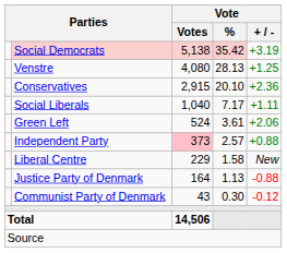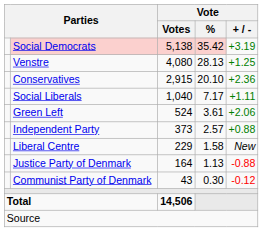 <table class="wikitable" style="text-align:right;">
 <tr>
 <th style="text-align:centre;" rowspan="2" colspan="2" width="225">Parties</th>
 <th colspan="3">Vote</th>
 </tr>
 <tr>
 <th width="15">Votes</th>
 <th width="15">%</th>
 <th width="15">+ / -</th>
 </tr>
 <tr>
 <td width="2" style="color:inherit;background:"></td>
 <td bgcolor=#fbd0ce  align="left"><a href='#'>Social Democrats</a></td>
 <td bgcolor=#fbd0ce>5,138</td>
 <td bgcolor=#fbd0ce>35.42</td>
 <td style=color:green;>+3.19</td>
 </tr>
 <tr>
 <td width="2" style="color:inherit;background:"></td>
 <td align="left"><a href='#'>Venstre</a></td>
 <td>4,080</td>
 <td>28.13</td>
 <td style=color:green;>+1.25</td>
 </tr>
 <tr>
 <td width="2" style="color:inherit;background:"></td>
 <td align="left"><a href='#'>Conservatives</a></td>
 <td>2,915</td>
 <td>20.10</td>
 <td style=color:green;>+2.36</td>
 </tr>
 <tr>
 <td width="2" style="color:inherit;background:"></td>
 <td align="left"><a href='#'>Social Liberals</a></td>
 <td>1,040</td>
 <td>7.17</td>
 <td style=color:green;>+1.11</td>
 </tr>
 <tr>
 <td width="2" style="color:inherit;background:"></td>
 <td align="left"><a href='#'>Green Left</a></td>
 <td>524</td>
 <td>3.61</td>
 <td style=color:green;>+2.06</td>
 </tr>
 <tr>
 <td width="2" style="color:inherit;background:"></td>
 <td align="left"><a href='#'>Independent Party</a></td>
-<td style="background: pink;">373</td>
+<td>373</td>
 <td>2.57</td>
 <td style=color:green;>+0.88</td>
 </tr>
 <tr>
 <td width="2" style="color:inherit;background:"></td>
 <td align="left"><a href='#'>Liberal Centre</a></td>
 <td>229</td>
 <td>1.58</td>
 <td><em>New</em></td>
 </tr>
 <tr>
 <td width="2" style="color:inherit;background:"></td>
 <td align="left"><a href='#'>Justice Party of Denmark</a></td>
 <td>164</td>
 <td>1.13</td>
 <td style=color:red;>-0.88</td>
 </tr>
 <tr>
 <td width="2" style="color:inherit;background:"></td>
 <td align="left"><a href='#'>Communist Party of Denmark</a></td>
 <td>43</td>
 <td>0.30</td>
 <td style=color:red;>-0.12</td>
 </tr>
 <tr>
 <td colspan="7" bgcolor="#E9E9E9"></td>
 </tr>
 <tr>
 <td align="left" colspan="2"><strong>Total</strong></td>
 <td><strong>14,506</strong></td>
 <td bgcolor="#E9E9E9" colspan="2"></td>
 </tr>
 <tr>
 <td align="left" colspan="6">Source</td>
 </tr>
 </table>
